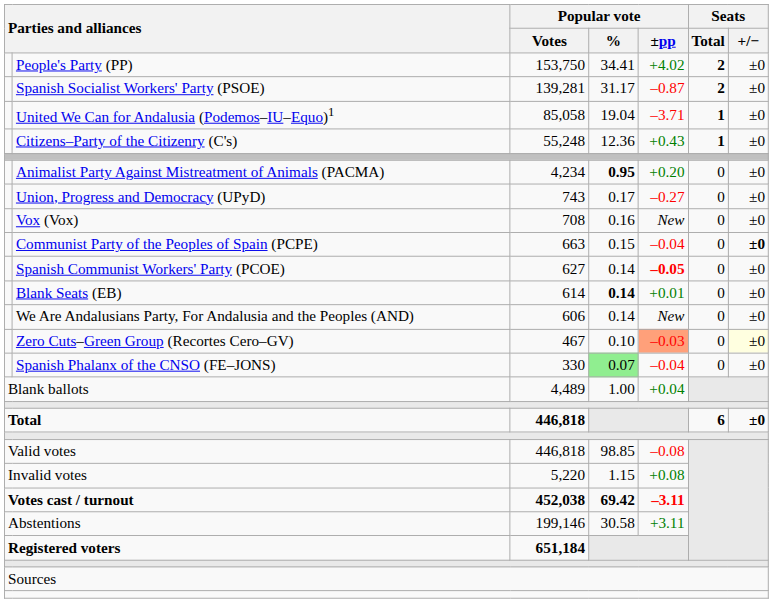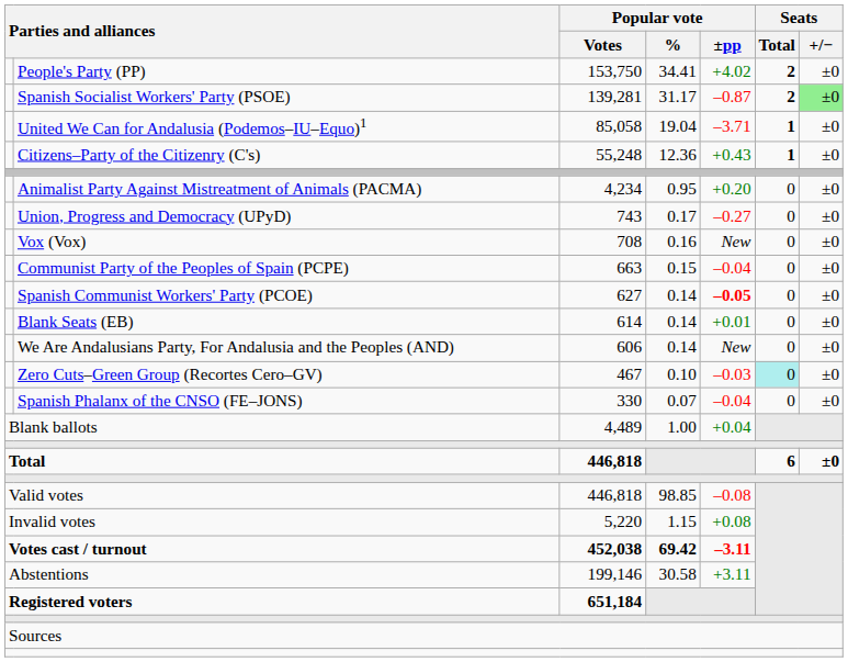 <table class="wikitable" style="text-align:right;">
 <tr>
 <th style="text-align:left;" rowspan="2" colspan="2" width="525">Parties and alliances</th>
 <th colspan="3">Popular vote</th>
 <th colspan="2">Seats</th>
 </tr>
 <tr>
 <th width="75">Votes</th>
 <th width="45">%</th>
 <th width="45">±<a href='#'>pp</a></th>
 <th width="35">Total</th>
 <th width="35">+/−</th>
 </tr>
 <tr>
 <td width="1" style="color:inherit;background:"></td>
 <td align="left"><a href='#'>People's Party</a> (PP)</td>
 <td>153,750</td>
 <td>34.41</td>
 <td style="color:green;">+4.02</td>
 <td><strong>2</strong></td>
 <td>±0</td>
 </tr>
 <tr>
 <td style="color:inherit;background:"></td>
 <td align="left"><a href='#'>Spanish Socialist Workers' Party</a> (PSOE)</td>
 <td>139,281</td>
 <td>31.17</td>
 <td style="color:red;">–0.87</td>
 <td><strong>2</strong></td>
-<td>±0</td>
+<td style="background: lightgreen;">±0</td>
 </tr>
 <tr>
 <td style="color:inherit;background:"></td>
 <td align="left"><a href='#'>United We Can for Andalusia</a> (<a href='#'>Podemos</a>–<a href='#'>IU</a>–<a href='#'>Equo</a>)<sup>1</sup></td>
 <td>85,058</td>
 <td>19.04</td>
 <td style="color:red;">–3.71</td>
 <td><strong>1</strong></td>
 <td>±0</td>
 </tr>
 <tr>
 <td style="color:inherit;background:"></td>
 <td align="left"><a href='#'>Citizens–Party of the Citizenry</a> (C's)</td>
 <td>55,248</td>
 <td>12.36</td>
 <td style="color:green;">+0.43</td>
 <td><strong>1</strong></td>
 <td>±0</td>
 </tr>
 <tr>
 <td colspan="7" bgcolor="#C0C0C0"></td>
 </tr>
 <tr>
 <td style="color:inherit;background:"></td>
 <td align="left"><a href='#'>Animalist Party Against Mistreatment of Animals</a> (PACMA)</td>
 <td>4,234</td>
-<td><strong>0.95</strong></td>
+<td>0.95</td>
 <td style="color:green;">+0.20</td>
 <td>0</td>
 <td>±0</td>
 </tr>
 <tr>
 <td style="color:inherit;background:"></td>
 <td align="left"><a href='#'>Union, Progress and Democracy</a> (UPyD)</td>
 <td>743</td>
 <td>0.17</td>
 <td style="color:red;">–0.27</td>
 <td>0</td>
 <td>±0</td>
 </tr>
 <tr>
 <td style="color:inherit;background:"></td>
 <td align="left"><a href='#'>Vox</a> (Vox)</td>
 <td>708</td>
 <td>0.16</td>
 <td><em>New</em></td>
 <td>0</td>
 <td>±0</td>
 </tr>
 <tr>
 <td style="color:inherit;background:"></td>
 <td align="left"><a href='#'>Communist Party of the Peoples of Spain</a> (PCPE)</td>
 <td>663</td>
 <td>0.15</td>
 <td style="color:red;">–0.04</td>
 <td>0</td>
-<td><strong>±0</strong></td>
+<td>±0</td>
 </tr>
 <tr>
 <td style="color:inherit;background:"></td>
 <td align="left"><a href='#'>Spanish Communist Workers' Party</a> (PCOE)</td>
 <td>627</td>
 <td>0.14</td>
 <td style="color:red;"><strong>–0.05</strong></td>
 <td>0</td>
 <td>±0</td>
 </tr>
 <tr>
 <td style="color:inherit;background:"></td>
 <td align="left"><a href='#'>Blank Seats</a> (EB)</td>
 <td>614</td>
-<td><strong>0.14</strong></td>
+<td>0.14</td>
 <td style="color:green;">+0.01</td>
 <td>0</td>
 <td>±0</td>
 </tr>
 <tr>
 <td style="color:inherit;background:"></td>
 <td align="left">We Are Andalusians Party, For Andalusia and the Peoples (AND)</td>
 <td>606</td>
 <td>0.14</td>
 <td><em>New</em></td>
 <td>0</td>
 <td>±0</td>
 </tr>
 <tr>
 <td style="color:inherit;background:"></td>
 <td align="left"><a href='#'>Zero Cuts</a>–<a href='#'>Green Group</a> (Recortes Cero–GV)</td>
 <td>467</td>
 <td>0.10</td>
-<td style="background: lightsalmon; color:red;">–0.03</td>
-<td>0</td>
-<td style="background: lightyellow;">±0</td>
+<td style="color:red;">–0.03</td>
+<td style="background: paleturquoise;">0</td>
+<td>±0</td>
 </tr>
 <tr>
 <td style="color:inherit;background:"></td>
 <td align="left"><a href='#'>Spanish Phalanx of the CNSO</a> (FE–JONS)</td>
 <td>330</td>
-<td style="background: lightgreen;">0.07</td>
+<td>0.07</td>
 <td style="color:red;">–0.04</td>
 <td>0</td>
 <td>±0</td>
 </tr>
 <tr>
 <td align="left" colspan="2">Blank ballots</td>
 <td>4,489</td>
 <td>1.00</td>
 <td style="color:green;">+0.04</td>
 <td bgcolor="#E9E9E9" colspan="2"></td>
 </tr>
 <tr>
 <td colspan="7" bgcolor="#E9E9E9"></td>
 </tr>
 <tr style="font-weight:bold;">
 <td align="left" colspan="2">Total</td>
 <td>446,818</td>
 <td bgcolor="#E9E9E9" colspan="2"></td>
 <td>6</td>
 <td>±0</td>
 </tr>
 <tr>
 <td colspan="7" bgcolor="#E9E9E9"></td>
 </tr>
 <tr>
 <td align="left" colspan="2">Valid votes</td>
 <td>446,818</td>
 <td>98.85</td>
 <td style="color:red;">–0.08</td>
 <td bgcolor="#E9E9E9" colspan="2" rowspan="5"></td>
 </tr>
 <tr>
 <td align="left" colspan="2">Invalid votes</td>
 <td>5,220</td>
 <td>1.15</td>
 <td style="color:green;">+0.08</td>
 </tr>
 <tr style="font-weight:bold;">
 <td align="left" colspan="2">Votes cast / turnout</td>
 <td>452,038</td>
 <td>69.42</td>
 <td style="color:red;">–3.11</td>
 </tr>
 <tr>
 <td align="left" colspan="2">Abstentions</td>
 <td>199,146</td>
 <td>30.58</td>
 <td style="color:green;">+3.11</td>
 </tr>
 <tr style="font-weight:bold;">
 <td align="left" colspan="2">Registered voters</td>
 <td>651,184</td>
 <td bgcolor="#E9E9E9" colspan="2"></td>
 </tr>
 <tr>
 <td colspan="7" bgcolor="#E9E9E9"></td>
 </tr>
 <tr>
 <td align="left" colspan="7">Sources</td>
 </tr>
 <tr>
 <td colspan="7" style="text-align:left; max-width:790px;"></td>
 </tr>
 </table>
